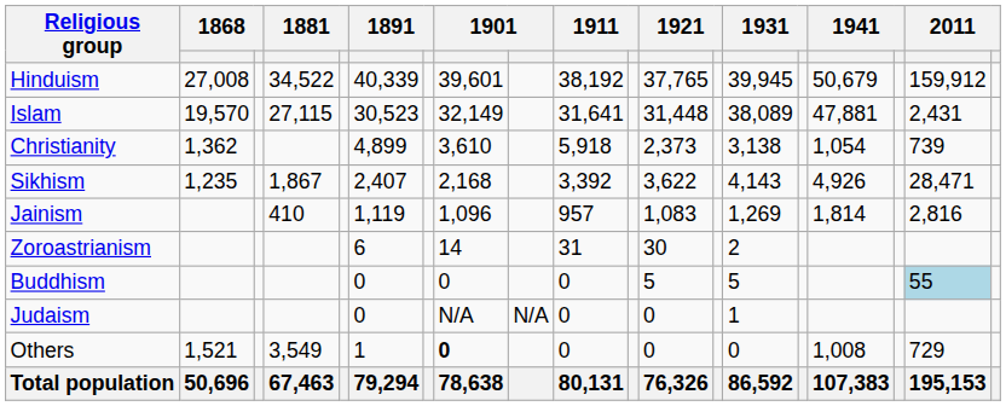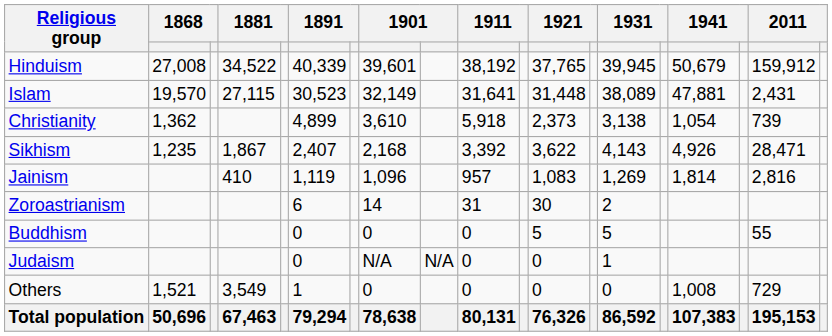 <table class="wikitable collapsible sortable">
 <tr>
 <th rowspan="2"><a href='#'>Religious</a><br>group</th>
 <th colspan="2">1868</th>
 <th colspan="2">1881</th>
 <th colspan="2">1891</th>
 <th colspan="2">1901</th>
 <th colspan="2">1911</th>
 <th colspan="2">1921</th>
 <th colspan="2">1931</th>
 <th colspan="2">1941</th>
 <th colspan="2">2011</th>
 </tr>
 <tr>
 <th><a href='#'></a></th>
 <th></th>
 <th></th>
 <th></th>
 <th></th>
 <th></th>
 <th></th>
 <th></th>
 <th></th>
 <th></th>
 <th></th>
 <th></th>
 <th></th>
 <th></th>
 <th></th>
 <th></th>
 <th></th>
 <th></th>
 </tr>
 <tr>
 <td><a href='#'>Hinduism</a> </td>
 <td>27,008</td>
 <td></td>
 <td>34,522</td>
 <td></td>
 <td>40,339</td>
 <td></td>
 <td>39,601</td>
 <td></td>
 <td>38,192</td>
 <td></td>
 <td>37,765</td>
 <td></td>
 <td>39,945</td>
 <td></td>
 <td>50,679</td>
 <td></td>
 <td>159,912</td>
 <td></td>
 </tr>
 <tr>
 <td><a href='#'>Islam</a> </td>
 <td>19,570</td>
 <td></td>
 <td>27,115</td>
 <td></td>
 <td>30,523</td>
 <td></td>
 <td>32,149</td>
 <td></td>
 <td>31,641</td>
 <td></td>
 <td>31,448</td>
 <td></td>
 <td>38,089</td>
 <td></td>
 <td>47,881</td>
 <td></td>
 <td>2,431</td>
 <td></td>
 </tr>
 <tr>
 <td><a href='#'>Christianity</a> </td>
 <td>1,362</td>
 <td></td>
 <td></td>
 <td></td>
 <td>4,899</td>
 <td></td>
 <td>3,610</td>
 <td></td>
 <td>5,918</td>
 <td></td>
 <td>2,373</td>
 <td></td>
 <td>3,138</td>
 <td></td>
 <td>1,054</td>
 <td></td>
 <td>739</td>
 <td></td>
 </tr>
 <tr>
 <td><a href='#'>Sikhism</a> </td>
 <td>1,235</td>
 <td></td>
 <td>1,867</td>
 <td></td>
 <td>2,407</td>
 <td></td>
 <td>2,168</td>
 <td></td>
 <td>3,392</td>
 <td></td>
 <td>3,622</td>
 <td></td>
 <td>4,143</td>
 <td></td>
 <td>4,926</td>
 <td></td>
 <td>28,471</td>
 <td></td>
 </tr>
 <tr>
 <td><a href='#'>Jainism</a> </td>
 <td></td>
 <td></td>
 <td>410</td>
 <td></td>
 <td>1,119</td>
 <td></td>
 <td>1,096</td>
 <td></td>
 <td>957</td>
 <td></td>
 <td>1,083</td>
 <td></td>
 <td>1,269</td>
 <td></td>
 <td>1,814</td>
 <td></td>
 <td>2,816</td>
 <td></td>
 </tr>
 <tr>
 <td><a href='#'>Zoroastrianism</a> </td>
 <td></td>
 <td></td>
 <td></td>
 <td></td>
 <td>6</td>
 <td></td>
 <td>14</td>
 <td></td>
 <td>31</td>
 <td></td>
 <td>30</td>
 <td></td>
 <td>2</td>
 <td></td>
 <td></td>
 <td></td>
 <td></td>
 <td></td>
 </tr>
 <tr>
 <td><a href='#'>Buddhism</a> </td>
 <td></td>
 <td></td>
 <td></td>
 <td></td>
 <td>0</td>
 <td></td>
 <td>0</td>
 <td></td>
 <td>0</td>
 <td></td>
 <td>5</td>
 <td></td>
 <td>5</td>
 <td></td>
 <td></td>
 <td></td>
-<td style="background: lightblue;">55</td>
+<td>55</td>
 <td></td>
 </tr>
 <tr>
 <td><a href='#'>Judaism</a> </td>
 <td></td>
 <td></td>
 <td></td>
 <td></td>
 <td>0</td>
 <td></td>
 <td>N/A</td>
 <td>N/A</td>
 <td>0</td>
 <td></td>
 <td>0</td>
 <td></td>
 <td>1</td>
 <td></td>
 <td></td>
 <td></td>
 <td></td>
 <td></td>
 </tr>
 <tr>
 <td>Others</td>
 <td>1,521</td>
 <td></td>
 <td>3,549</td>
 <td></td>
 <td>1</td>
 <td></td>
-<td><strong>0</strong></td>
+<td>0</td>
 <td></td>
 <td>0</td>
 <td></td>
 <td>0</td>
 <td></td>
 <td>0</td>
 <td></td>
 <td>1,008</td>
 <td></td>
 <td>729</td>
 <td></td>
 </tr>
 <tr>
 <th>Total population</th>
 <th>50,696</th>
 <th></th>
 <th>67,463</th>
 <th></th>
 <th>79,294</th>
 <th></th>
 <th>78,638</th>
 <th></th>
 <th>80,131</th>
 <th></th>
 <th>76,326</th>
 <th></th>
 <th>86,592</th>
 <th></th>
 <th>107,383</th>
 <th></th>
 <th>195,153</th>
 <th></th>
 </tr>
 </table>
